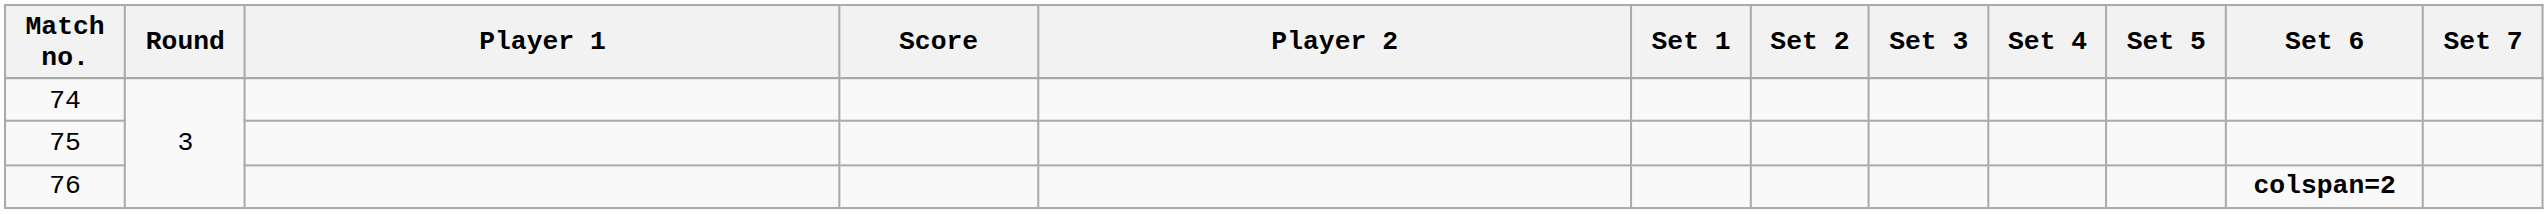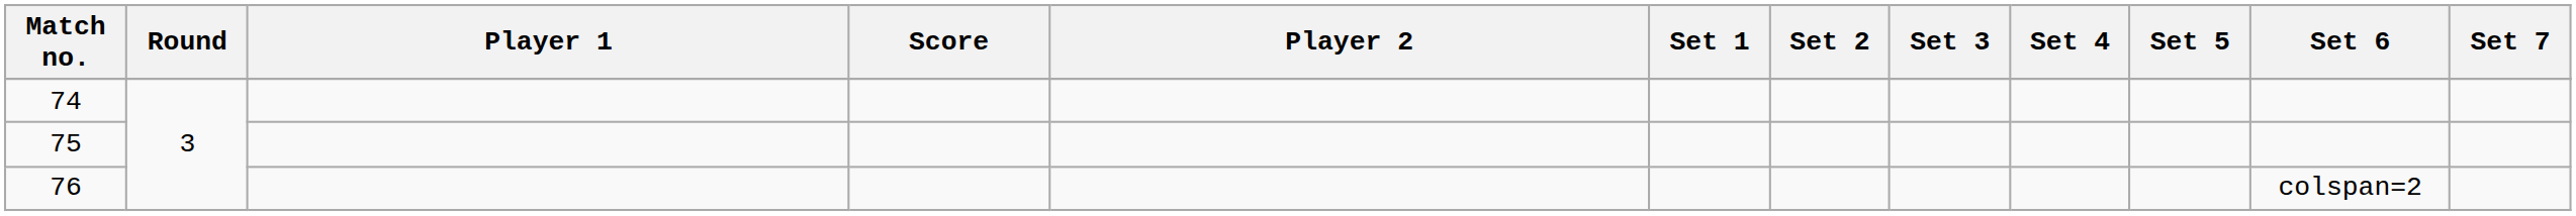 <table class="wikitable" style="text-align: center;">
 <tr>
 <th width="2%">Match no.</th>
 <th width="2%">Round</th>
 <th width="15%">Player 1</th>
 <th width="5%">Score</th>
 <th width="15%">Player 2</th>
 <th width="3%">Set 1</th>
 <th width="3%">Set 2</th>
 <th width="3%">Set 3</th>
 <th width="3%">Set 4</th>
 <th width="3%">Set 5</th>
 <th width="3%">Set 6</th>
 <th width="3%">Set 7</th>
 </tr>
 <tr>
 </tr>
 <tr style=text-align:center;>
 <td>74</td>
 <td rowspan=3>3</td>
 <td></td>
 <td></td>
 <td></td>
 <td></td>
 <td></td>
 <td></td>
 <td></td>
 <td></td>
 <td></td>
 <td></td>
 </tr>
 <tr style=text-align:center;>
 <td>75</td>
 <td></td>
 <td></td>
 <td></td>
 <td></td>
 <td></td>
 <td></td>
 <td></td>
 <td></td>
 <td></td>
 <td></td>
 </tr>
 <tr style=text-align:center;>
 <td>76</td>
 <td></td>
 <td></td>
 <td></td>
 <td></td>
 <td></td>
 <td></td>
 <td></td>
 <td></td>
-<td><strong>colspan=2</strong></td>
+<td>colspan=2</td>
 </tr>
 </table>
